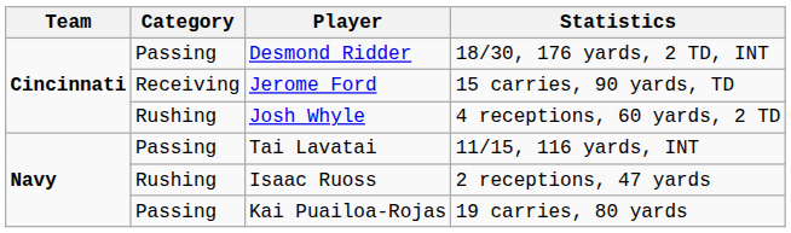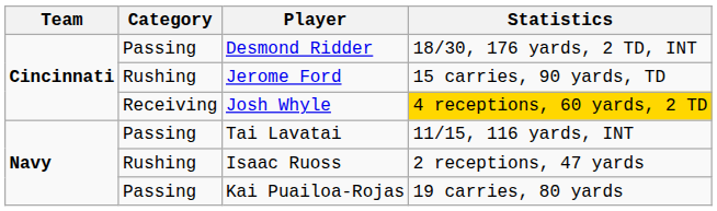 <table class="wikitable" style="float: left;">
 <tr>
 <th>Team</th>
 <th>Category</th>
 <th>Player</th>
 <th>Statistics</th>
 </tr>
 <tr>
 <td rowspan=3><strong>Cincinnati</strong></td>
 <td>Passing</td>
 <td><a href='#'>Desmond Ridder</a></td>
 <td>18/30, 176 yards, 2 TD, INT</td>
 </tr>
 <tr>
-<td>Receiving</td>
+<td>Rushing</td>
 <td><a href='#'>Jerome Ford</a></td>
 <td>15 carries, 90 yards, TD</td>
 </tr>
 <tr>
-<td>Rushing</td>
+<td>Receiving</td>
 <td><a href='#'>Josh Whyle</a></td>
-<td>4 receptions, 60 yards, 2 TD</td>
+<td style="background: gold;">4 receptions, 60 yards, 2 TD</td>
 </tr>
 <tr>
 <td rowspan=3><strong>Navy</strong></td>
 <td>Passing</td>
 <td>Tai Lavatai</td>
 <td>11/15, 116 yards, INT</td>
 </tr>
 <tr>
 <td>Rushing</td>
 <td>Isaac Ruoss</td>
 <td>2 receptions, 47 yards</td>
 </tr>
 <tr>
 <td>Passing</td>
 <td>Kai Puailoa-Rojas</td>
 <td>19 carries, 80 yards</td>
 </tr>
 </table>
